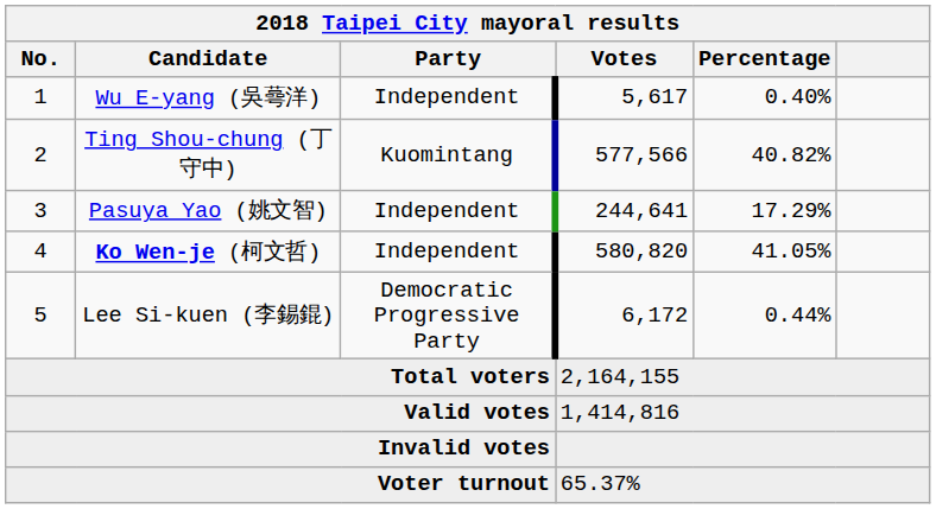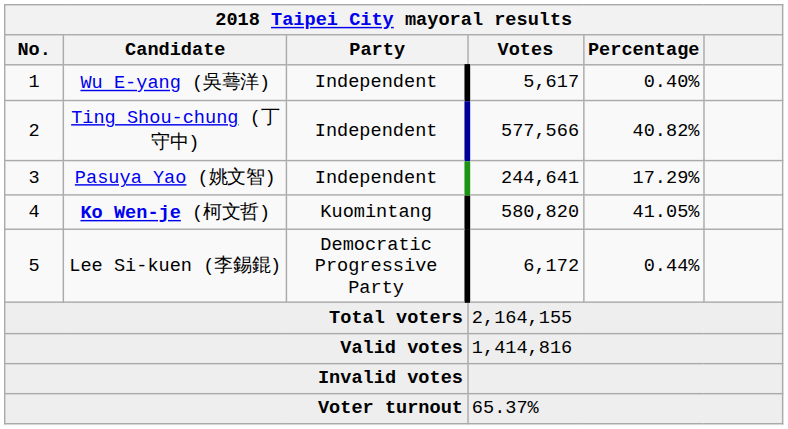 <table class="wikitable collapsible" style="text-align:center">
 <tr>
 <th colspan="6">2018 <a href='#'>Taipei City</a> mayoral results</th>
 </tr>
 <tr>
 <th width=35>No.</th>
 <th width=150>Candidate</th>
 <th width=120>Party</th>
 <th width=75>Votes</th>
 <th width=75>Percentage</th>
 <th width=49></th>
 </tr>
 <tr>
 <td>1</td>
 <td><a href='#'>Wu E-yang</a> (吳蕚洋)</td>
 <td> Independent</td>
 <td style="border-left:4px solid #000000;" align="right">5,617</td>
 <td align="right">0.40%</td>
 <td align="center"></td>
 </tr>
 <tr>
 <td>2</td>
 <td><a href='#'>Ting Shou-chung</a> (丁守中)</td>
-<td> Kuomintang</td>
+<td> Independent</td>
 <td style="border-left:4px solid #000099;" align="right">577,566</td>
 <td align="right">40.82%</td>
 <td align="center"></td>
 </tr>
 <tr>
 <td>3</td>
 <td><a href='#'>Pasuya Yao</a> (姚文智)</td>
 <td> Independent</td>
 <td style="border-left:4px solid #1B9413;" align="right">244,641</td>
 <td align="right">17.29%</td>
 <td align="center"></td>
 </tr>
 <tr>
 <td>4</td>
 <td><strong><a href='#'>Ko Wen-je</a></strong> (柯文哲)</td>
-<td> Independent</td>
+<td> Kuomintang</td>
 <td style="border-left:4px solid #000000;" align="right">580,820</td>
 <td align="right">41.05%</td>
 <td align="center"></td>
 </tr>
 <tr>
 <td>5</td>
 <td>Lee Si-kuen (李錫錕)</td>
 <td> Democratic Progressive Party</td>
 <td style="border-left:4px solid #000000;" align="right">6,172</td>
 <td align="right">0.44%</td>
 <td align="center"></td>
 </tr>
 <tr bgcolor=EEEEEE>
 <td colspan="3" align="right"><strong>Total voters</strong></td>
 <td colspan="3" align="left">2,164,155</td>
 </tr>
 <tr bgcolor=EEEEEE>
 <td colspan="3" align="right"><strong>Valid votes</strong></td>
 <td colspan="3" align="left">1,414,816</td>
 </tr>
 <tr bgcolor=EEEEEE>
 <td colspan="3" align="right"><strong>Invalid votes</strong></td>
 <td colspan="3" align="left"></td>
 </tr>
 <tr bgcolor=EEEEEE>
 <td colspan="3" align="right"><strong>Voter turnout</strong></td>
 <td colspan="3" align="left">65.37%</td>
 </tr>
 </table>
